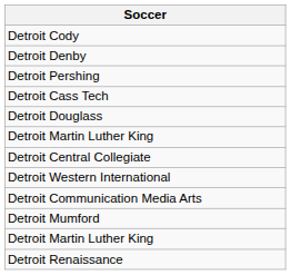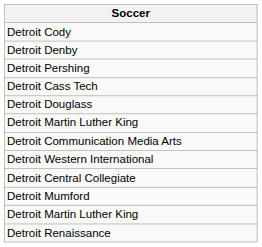 <table class="wikitable collapsible collapsed" style="width:22em">
 <tr>
 <th align=center>Soccer</th>
 </tr>
 <tr>
 <td>Detroit Cody</td>
 </tr>
 <tr>
 <td>Detroit Denby</td>
 </tr>
 <tr>
 <td>Detroit Pershing</td>
 </tr>
 <tr>
 <td>Detroit Cass Tech</td>
 </tr>
 <tr>
 <td>Detroit Douglass</td>
 </tr>
 <tr>
 <td>Detroit Martin Luther King</td>
 </tr>
 <tr>
-<td>Detroit Central Collegiate</td>
+<td>Detroit Communication Media Arts</td>
 </tr>
 <tr>
 <td>Detroit Western International</td>
 </tr>
 <tr>
-<td>Detroit Communication Media Arts</td>
+<td>Detroit Central Collegiate</td>
 </tr>
 <tr>
 <td>Detroit Mumford</td>
 </tr>
 <tr>
 <td>Detroit Martin Luther King</td>
 </tr>
 <tr>
 <td>Detroit Renaissance</td>
 </tr>
 </table>
